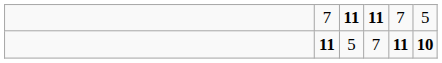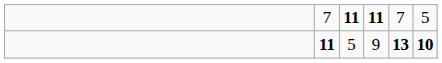 <table class="wikitable">
 <tr>
 <td style="width:18em"></td>
 <td align=center style="width:1em">7</td>
 <td align=center style="width:1em"><strong>11</strong></td>
 <td align=center style="width:1em"><strong>11</strong></td>
 <td align=center style="width:1em">7</td>
 <td align=center style="width:1em">5</td>
 </tr>
 <tr>
 <td style="width:18em"><strong></strong></td>
 <td align=center style="width:1em"><strong>11</strong></td>
 <td align=center style="width:1em">5</td>
-<td align=center style="width:1em">7</td>
-<td align=center style="width:1em"><strong>11</strong></td>
+<td align=center style="width:1em">9</td>
+<td align=center style="width:1em"><strong>13</strong></td>
 <td align=center style="width:1em"><strong>10</strong></td>
 </tr>
 </table>
